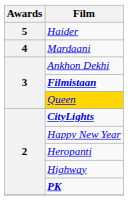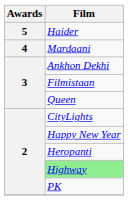 <table class="wikitable" style="display:inline-table;">
 <tr>
 <th>Awards</th>
 <th>Film</th>
 </tr>
 <tr>
 <th>5</th>
 <td><em><a href='#'>Haider</a></em></td>
 </tr>
 <tr>
 <th>4</th>
 <td><em><a href='#'>Mardaani</a></em></td>
 </tr>
 <tr>
 <th rowspan="3">3</th>
 <td><em><a href='#'>Ankhon Dekhi</a></em></td>
 </tr>
 <tr>
-<td><strong><em><a href='#'>Filmistaan</a></em></strong></td>
+<td><em><a href='#'>Filmistaan</a></em></td>
 </tr>
 <tr>
-<td style="background: gold;"><em><a href='#'>Queen</a></em></td>
+<td><em><a href='#'>Queen</a></em></td>
 </tr>
 <tr>
 <th rowspan="5">2</th>
-<td><strong><em><a href='#'>CityLights</a></em></strong></td>
+<td><em><a href='#'>CityLights</a></em></td>
 </tr>
 <tr>
 <td><em><a href='#'>Happy New Year</a></em></td>
 </tr>
 <tr>
 <td><em><a href='#'>Heropanti</a></em></td>
 </tr>
 <tr>
-<td><em><a href='#'>Highway</a></em></td>
+<td style="background: lightgreen;"><em><a href='#'>Highway</a></em></td>
 </tr>
 <tr>
-<td><strong><em><a href='#'>PK</a></em></strong></td>
+<td><em><a href='#'>PK</a></em></td>
 </tr>
 <tr>
 </tr>
 </table>
